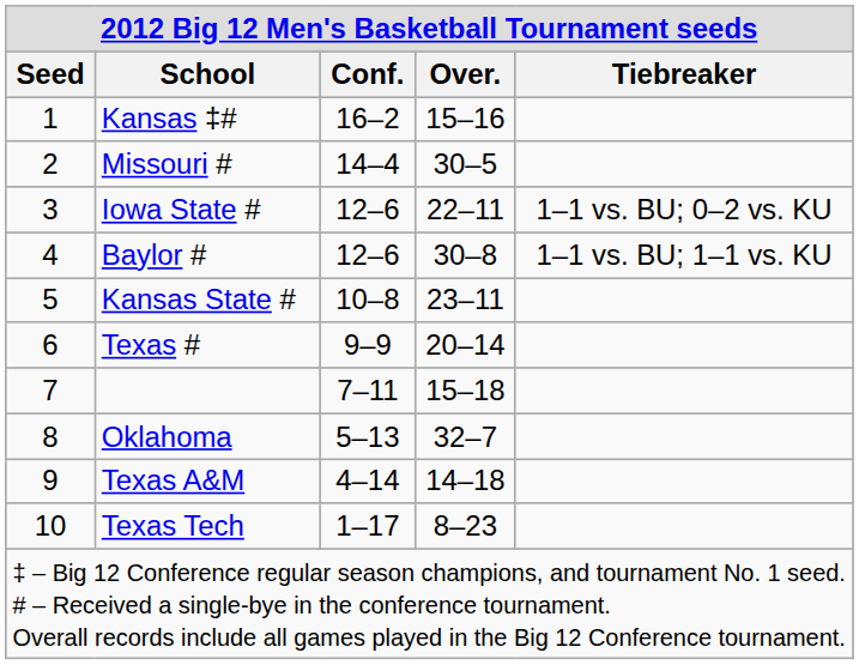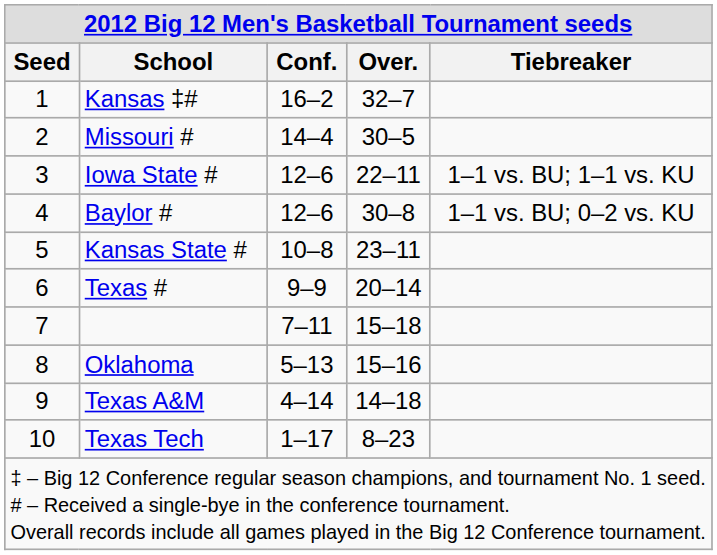 <table class="wikitable" style="white-space:nowrap; font-size:90%;text-align:center">
 <tr>
 <td colspan="10" style="text-align:center; background:#DDDDDD; font:#000000"><strong><a href='#'>2012 Big 12 Men's Basketball Tournament seeds</a></strong></td>
 </tr>
 <tr bgcolor="#efefef">
 <th>Seed</th>
 <th>School</th>
 <th>Conf.</th>
 <th>Over.</th>
 <th>Tiebreaker</th>
 </tr>
 <tr>
 <td>1</td>
 <td align=left><a href='#'>Kansas</a> ‡#</td>
 <td>16–2</td>
-<td>15–16</td>
+<td>32–7</td>
 <td></td>
 </tr>
 <tr>
 <td>2</td>
 <td align=left><a href='#'>Missouri</a> #</td>
 <td>14–4</td>
 <td>30–5</td>
 <td></td>
 </tr>
 <tr>
 <td>3</td>
 <td align=left><a href='#'>Iowa State</a> #</td>
 <td>12–6</td>
 <td>22–11</td>
-<td>1–1 vs. BU; 0–2 vs. KU</td>
+<td>1–1 vs. BU; 1–1 vs. KU</td>
 </tr>
 <tr>
 <td>4</td>
 <td align=left><a href='#'>Baylor</a> #</td>
 <td>12–6</td>
 <td>30–8</td>
-<td>1–1 vs. BU; 1–1 vs. KU</td>
+<td>1–1 vs. BU; 0–2 vs. KU</td>
 </tr>
 <tr>
 <td>5</td>
 <td align=left><a href='#'>Kansas State</a> #</td>
 <td>10–8</td>
 <td>23–11</td>
 <td></td>
 </tr>
 <tr>
 <td>6</td>
 <td align=left><a href='#'>Texas</a> #</td>
 <td>9–9</td>
 <td>20–14</td>
 <td></td>
 </tr>
 <tr>
 <td>7</td>
 <td align=left></td>
 <td>7–11</td>
 <td>15–18</td>
 <td></td>
 </tr>
 <tr>
 <td>8</td>
 <td align=left><a href='#'>Oklahoma</a></td>
 <td>5–13</td>
-<td>32–7</td>
+<td>15–16</td>
 <td></td>
 </tr>
 <tr>
 <td>9</td>
 <td align=left><a href='#'>Texas A&M</a></td>
 <td>4–14</td>
 <td>14–18</td>
 <td></td>
 </tr>
 <tr>
 <td>10</td>
 <td align=left><a href='#'>Texas Tech</a></td>
 <td>1–17</td>
 <td>8–23</td>
 <td></td>
 </tr>
 <tr>
 <td colspan="10" style="text-align:left;"><small>‡ – Big 12 Conference regular season champions, and tournament No. 1 seed.<br># – Received a single-bye in the conference tournament.<br>Overall records include all games played in the Big 12 Conference tournament.</small></td>
 </tr>
 </table>
